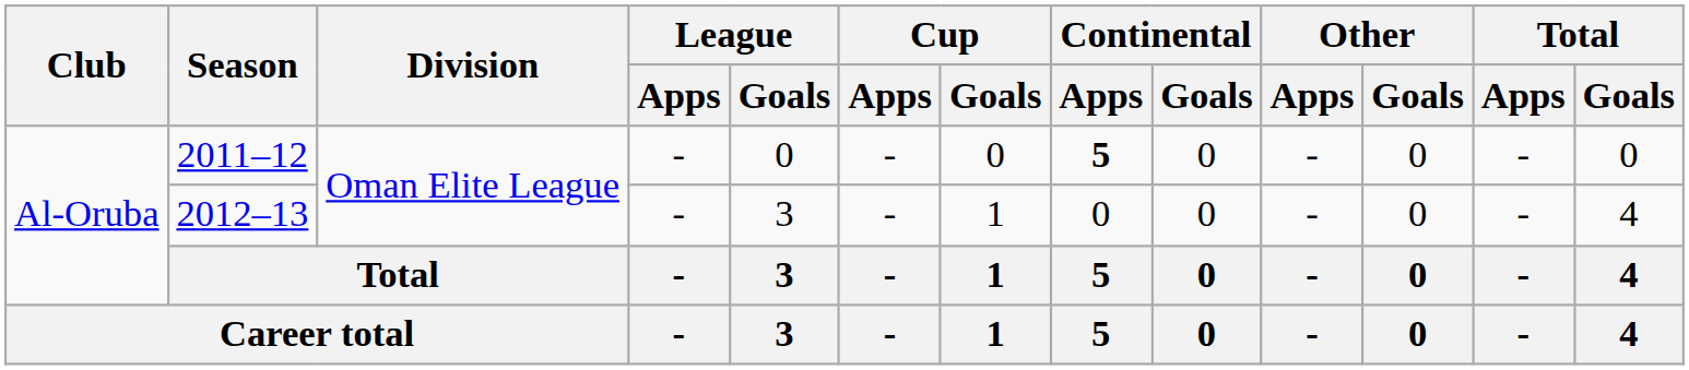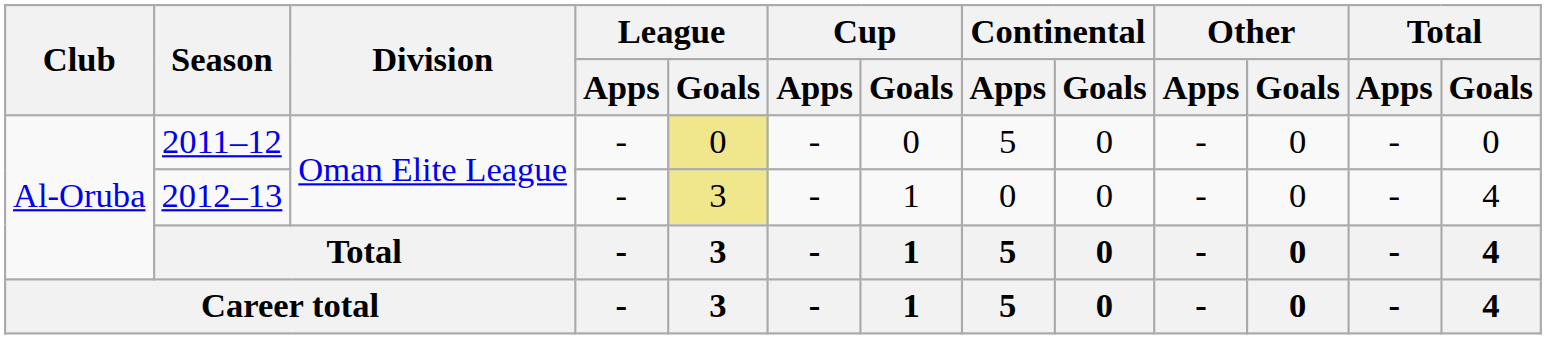 <table class="wikitable" style="text-align: center;">
 <tr>
 <th rowspan="2">Club</th>
 <th rowspan="2">Season</th>
 <th rowspan="2">Division</th>
 <th colspan="2">League</th>
 <th colspan="2">Cup</th>
 <th colspan="2">Continental</th>
 <th colspan="2">Other</th>
 <th colspan="2">Total</th>
 </tr>
 <tr>
 <th>Apps</th>
 <th>Goals</th>
 <th>Apps</th>
 <th>Goals</th>
 <th>Apps</th>
 <th>Goals</th>
 <th>Apps</th>
 <th>Goals</th>
 <th>Apps</th>
 <th>Goals</th>
 </tr>
 <tr>
 <td rowspan="3"><a href='#'>Al-Oruba</a></td>
 <td><a href='#'>2011–12</a></td>
 <td rowspan="2"><a href='#'>Oman Elite League</a></td>
 <td>-</td>
-<td>0</td>
+<td style="background: khaki;">0</td>
 <td>-</td>
 <td>0</td>
-<td><strong>5</strong></td>
+<td>5</td>
 <td>0</td>
 <td>-</td>
 <td>0</td>
 <td>-</td>
 <td>0</td>
 </tr>
 <tr>
 <td><a href='#'>2012–13</a></td>
 <td>-</td>
-<td>3</td>
+<td style="background: khaki;">3</td>
 <td>-</td>
 <td>1</td>
 <td>0</td>
 <td>0</td>
 <td>-</td>
 <td>0</td>
 <td>-</td>
 <td>4</td>
 </tr>
 <tr>
 <th colspan="2">Total</th>
 <th>-</th>
 <th>3</th>
 <th>-</th>
 <th>1</th>
 <th>5</th>
 <th>0</th>
 <th>-</th>
 <th>0</th>
 <th>-</th>
 <th>4</th>
 </tr>
 <tr>
 <th colspan="3">Career total</th>
 <th>-</th>
 <th>3</th>
 <th>-</th>
 <th>1</th>
 <th>5</th>
 <th>0</th>
 <th>-</th>
 <th>0</th>
 <th>-</th>
 <th>4</th>
 </tr>
 </table>
